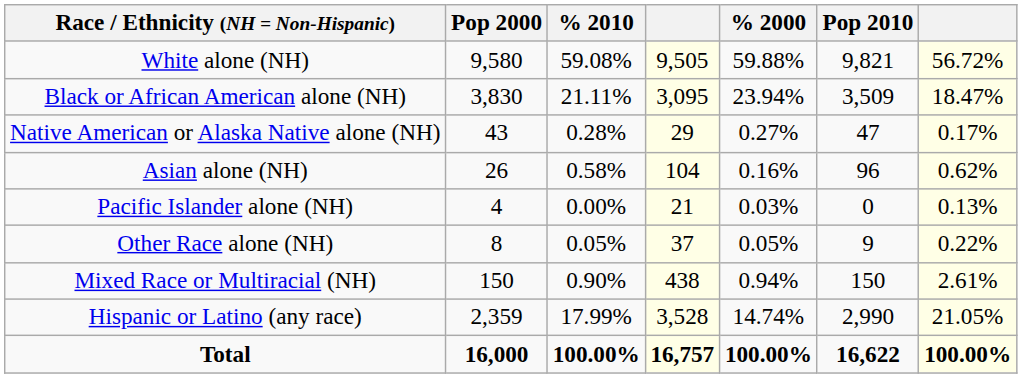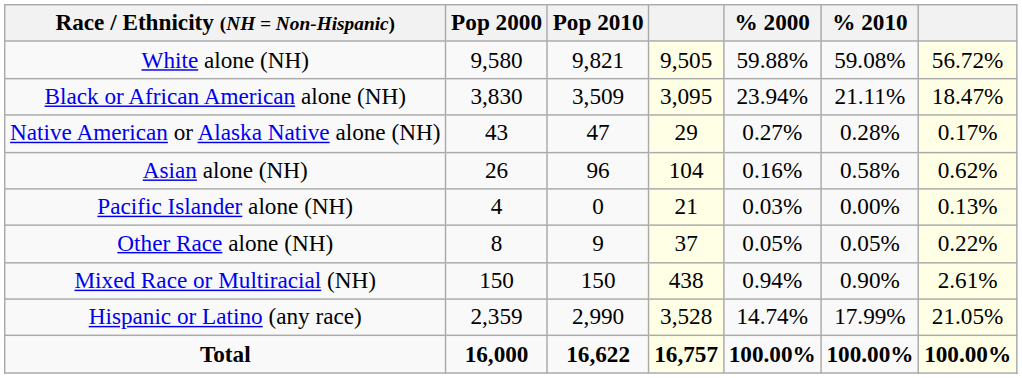 <table class="wikitable" style="text-align:center;">
 <tr>
 <th>Race / Ethnicity <small>(<em>NH = Non-Hispanic</em>)</small></th>
 <th>Pop 2000</th>
-<th>% 2010</th>
+<th>Pop 2010</th>
 <th></th>
 <th>% 2000</th>
-<th>Pop 2010</th>
+<th>% 2010</th>
 <th></th>
 </tr>
 <tr>
 <td><a href='#'>White</a> alone (NH)</td>
 <td>9,580</td>
-<td>59.08%</td>
+<td>9,821</td>
 <td style='background: #ffffe6;'>9,505</td>
 <td>59.88%</td>
-<td>9,821</td>
+<td>59.08%</td>
 <td style='background: #ffffe6;'>56.72%</td>
 </tr>
 <tr>
 <td><a href='#'>Black or African American</a> alone (NH)</td>
 <td>3,830</td>
-<td>21.11%</td>
+<td>3,509</td>
 <td style='background: #ffffe6;'>3,095</td>
 <td>23.94%</td>
-<td>3,509</td>
+<td>21.11%</td>
 <td style='background: #ffffe6;'>18.47%</td>
 </tr>
 <tr>
 <td><a href='#'>Native American</a> or <a href='#'>Alaska Native</a> alone (NH)</td>
 <td>43</td>
-<td>0.28%</td>
+<td>47</td>
 <td style='background: #ffffe6;'>29</td>
 <td>0.27%</td>
-<td>47</td>
+<td>0.28%</td>
 <td style='background: #ffffe6;'>0.17%</td>
 </tr>
 <tr>
 <td><a href='#'>Asian</a> alone (NH)</td>
 <td>26</td>
-<td>0.58%</td>
+<td>96</td>
 <td style='background: #ffffe6;'>104</td>
 <td>0.16%</td>
-<td>96</td>
+<td>0.58%</td>
 <td style='background: #ffffe6;'>0.62%</td>
 </tr>
 <tr>
 <td><a href='#'>Pacific Islander</a> alone (NH)</td>
 <td>4</td>
-<td>0.00%</td>
+<td>0</td>
 <td style='background: #ffffe6;'>21</td>
 <td>0.03%</td>
-<td>0</td>
+<td>0.00%</td>
 <td style='background: #ffffe6;'>0.13%</td>
 </tr>
 <tr>
 <td><a href='#'>Other Race</a> alone (NH)</td>
 <td>8</td>
-<td>0.05%</td>
+<td>9</td>
 <td style='background: #ffffe6;'>37</td>
 <td>0.05%</td>
-<td>9</td>
+<td>0.05%</td>
 <td style='background: #ffffe6;'>0.22%</td>
 </tr>
 <tr>
 <td><a href='#'>Mixed Race or Multiracial</a> (NH)</td>
 <td>150</td>
-<td>0.90%</td>
+<td>150</td>
 <td style='background: #ffffe6;'>438</td>
 <td>0.94%</td>
-<td>150</td>
+<td>0.90%</td>
 <td style='background: #ffffe6;'>2.61%</td>
 </tr>
 <tr>
 <td><a href='#'>Hispanic or Latino</a> (any race)</td>
 <td>2,359</td>
-<td>17.99%</td>
+<td>2,990</td>
 <td style='background: #ffffe6;'>3,528</td>
 <td>14.74%</td>
-<td>2,990</td>
+<td>17.99%</td>
 <td style='background: #ffffe6;'>21.05%</td>
 </tr>
 <tr>
 <td><strong>Total</strong></td>
 <td><strong>16,000</strong></td>
-<td><strong>100.00%</strong></td>
+<td><strong>16,622</strong></td>
 <td style='background: #ffffe6;'><strong>16,757</strong></td>
 <td><strong>100.00%</strong></td>
-<td><strong>16,622</strong></td>
+<td><strong>100.00%</strong></td>
 <td style='background: #ffffe6;'><strong>100.00%</strong></td>
 </tr>
 </table>
